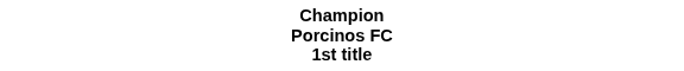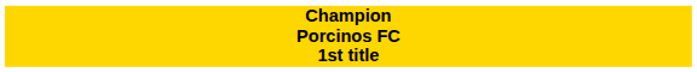 <table width="100%" cellspacing="0">
 <tr>
 <td align="center"></td>
 </tr>
 <tr>
-<td align="center"><strong>Champion<br>Porcinos FC<br>1st title</strong></td>
+<td align="center" style="background: gold;"><strong>Champion<br>Porcinos FC<br>1st title</strong></td>
 </tr>
 </table>
